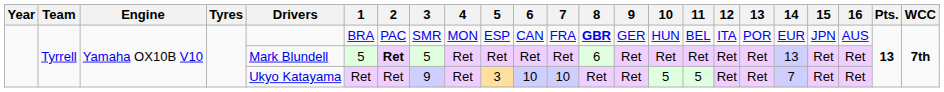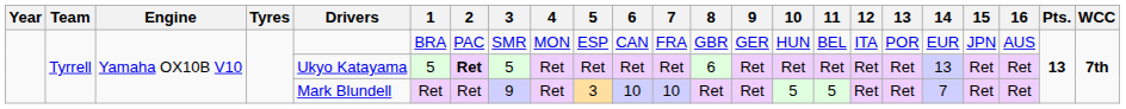 <table class="wikitable" style="text-align:center; font-size:95%">
 <tr>
 <th>Year</th>
 <th>Team</th>
 <th>Engine</th>
 <th>Tyres</th>
 <th>Drivers</th>
 <th>1</th>
 <th>2</th>
 <th>3</th>
 <th>4</th>
 <th>5</th>
 <th>6</th>
 <th>7</th>
 <th>8</th>
 <th>9</th>
 <th>10</th>
 <th>11</th>
 <th>12</th>
 <th>13</th>
 <th>14</th>
 <th>15</th>
 <th>16</th>
 <th>Pts.</th>
 <th>WCC</th>
 </tr>
 <tr>
 <td rowspan="3"></td>
 <td rowspan="3"><a href='#'>Tyrrell</a></td>
 <td rowspan="3"><a href='#'>Yamaha</a> OX10B <a href='#'>V10</a></td>
 <td rowspan="3"></td>
 <td></td>
 <td><a href='#'>BRA</a></td>
 <td><a href='#'>PAC</a></td>
 <td><a href='#'>SMR</a></td>
 <td><a href='#'>MON</a></td>
 <td><a href='#'>ESP</a></td>
 <td><a href='#'>CAN</a></td>
 <td><a href='#'>FRA</a></td>
-<td><strong><a href='#'>GBR</a></strong></td>
+<td><a href='#'>GBR</a></td>
 <td><a href='#'>GER</a></td>
 <td><a href='#'>HUN</a></td>
 <td><a href='#'>BEL</a></td>
 <td><a href='#'>ITA</a></td>
 <td><a href='#'>POR</a></td>
 <td><a href='#'>EUR</a></td>
 <td><a href='#'>JPN</a></td>
 <td><a href='#'>AUS</a></td>
 <td rowspan="3"><strong>13</strong></td>
 <td rowspan="3"><strong>7th</strong></td>
 </tr>
 <tr>
-<td align="left"><a href='#'>Mark Blundell</a></td>
+<td align="left"><a href='#'>Ukyo Katayama</a></td>
 <td style="background:#dfffdf;">5</td>
 <td style="background:#efcfff;"><strong>Ret</strong></td>
 <td style="background:#dfffdf;">5</td>
 <td style="background:#efcfff;">Ret</td>
 <td style="background:#efcfff;">Ret</td>
 <td style="background:#efcfff;">Ret</td>
 <td style="background:#efcfff;">Ret</td>
 <td style="background:#dfffdf;">6</td>
 <td style="background:#efcfff;">Ret</td>
 <td style="background:#efcfff;">Ret</td>
 <td style="background:#efcfff;">Ret</td>
 <td style="background:#efcfff;">Ret</td>
 <td style="background:#efcfff;">Ret</td>
 <td style="background:#cfcfff;">13</td>
 <td style="background:#efcfff;">Ret</td>
 <td style="background:#efcfff;">Ret</td>
 </tr>
 <tr>
-<td align="left"><a href='#'>Ukyo Katayama</a></td>
+<td align="left"><a href='#'>Mark Blundell</a></td>
 <td style="background:#efcfff;">Ret</td>
 <td style="background:#efcfff;">Ret</td>
 <td style="background:#cfcfff;">9</td>
 <td style="background:#efcfff;">Ret</td>
 <td style="background:#ffdf9f;">3</td>
 <td style="background:#cfcfff;">10</td>
 <td style="background:#cfcfff;">10</td>
 <td style="background:#efcfff;">Ret</td>
 <td style="background:#efcfff;">Ret</td>
 <td style="background:#dfffdf;">5</td>
 <td style="background:#dfffdf;">5</td>
 <td style="background:#efcfff;">Ret</td>
 <td style="background:#efcfff;">Ret</td>
 <td style="background:#cfcfff;">7</td>
 <td style="background:#efcfff;">Ret</td>
 <td style="background:#efcfff;">Ret</td>
 </tr>
 </table>
